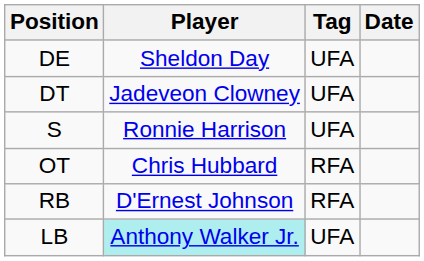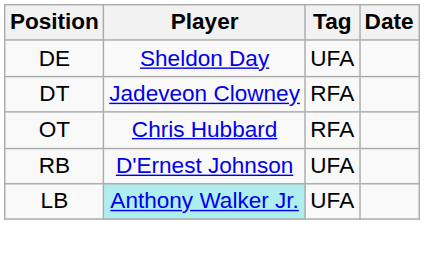 <table class="wikitable sortable" style="text-align:center">
 <tr>
 <th>Position</th>
 <th>Player</th>
 <th>Tag</th>
 <th>Date</th>
 </tr>
 <tr>
 <td>DE</td>
 <td><a href='#'>Sheldon Day</a></td>
 <td>UFA</td>
 <td></td>
 </tr>
 <tr>
 <td>DT</td>
 <td><a href='#'>Jadeveon Clowney</a></td>
-<td>UFA</td>
-<td></td>
-</tr>
-<tr>
-<td>S</td>
-<td><a href='#'>Ronnie Harrison</a></td>
-<td>UFA</td>
+<td>RFA</td>
 <td></td>
 </tr>
 <tr>
 <td>OT</td>
 <td><a href='#'>Chris Hubbard</a></td>
 <td>RFA</td>
 <td></td>
 </tr>
 <tr>
 <td>RB</td>
 <td><a href='#'>D'Ernest Johnson</a></td>
-<td>RFA</td>
+<td>UFA</td>
 <td></td>
 </tr>
 <tr>
 <td>LB</td>
 <td style="background: paleturquoise;"><a href='#'>Anthony Walker Jr.</a></td>
 <td>UFA</td>
 <td></td>
 </tr>
 </table>
